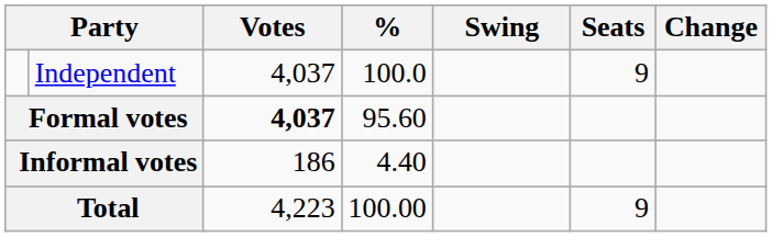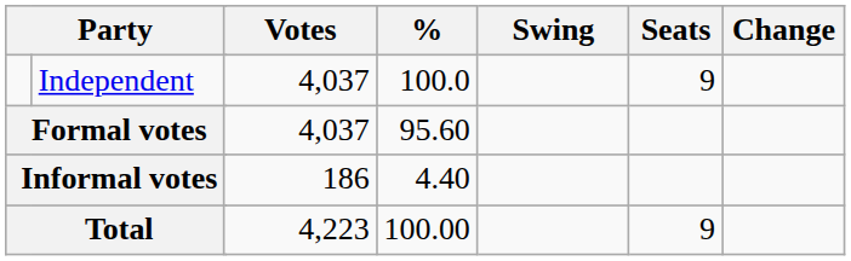 <table class="wikitable" style="text-align:right; margin-bottom:0">
 <tr>
 <th style="width:10px" colspan=3>Party</th>
 <th style="width:70px;">Votes</th>
 <th style="width:40px;">%</th>
 <th style="width:70px;">Swing</th>
 <th style="width:40px;">Seats</th>
 <th style="width:40px;">Change</th>
 </tr>
 <tr>
 <td> </td>
 <td style="text-align:left;" colspan="2"><a href='#'>Independent</a></td>
 <td style="width:70px;">4,037</td>
 <td style="width:40px;">100.0</td>
 <td style="width:55px;"></td>
 <td style="width:40px;">9</td>
 <td style="width:55px;"></td>
 </tr>
 <tr>
 <th colspan="3" rowspan="1"> Formal votes</th>
-<td><strong>4,037</strong></td>
+<td>4,037</td>
 <td>95.60</td>
 <td></td>
 <td></td>
 <td></td>
 </tr>
 <tr>
 <th colspan="3" rowspan="1"> Informal votes</th>
 <td>186</td>
 <td>4.40</td>
 <td></td>
 <td></td>
 <td></td>
 </tr>
 <tr>
 <th colspan="3" rowspan="1"> <strong>Total </strong></th>
 <td>4,223</td>
 <td>100.00</td>
 <td></td>
 <td>9</td>
 <td></td>
 </tr>
 </table>
